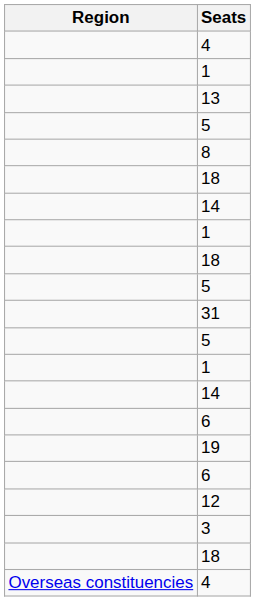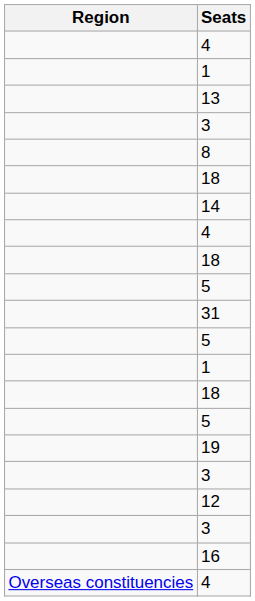 <table class="wikitable sortable" style="text-align:left">
 <tr>
 <th>Region</th>
 <th>Seats</th>
 </tr>
 <tr>
 <td></td>
 <td>4</td>
 </tr>
 <tr>
 <td></td>
 <td>1</td>
 </tr>
 <tr>
 <td></td>
 <td>13</td>
 </tr>
 <tr>
 <td></td>
-<td>5</td>
+<td>3</td>
 </tr>
 <tr>
 <td></td>
 <td>8</td>
 </tr>
 <tr>
 <td></td>
 <td>18</td>
 </tr>
 <tr>
 <td></td>
 <td>14</td>
 </tr>
 <tr>
 <td></td>
-<td>1</td>
+<td>4</td>
 </tr>
 <tr>
 <td></td>
 <td>18</td>
 </tr>
 <tr>
 <td></td>
 <td>5</td>
 </tr>
 <tr>
 <td></td>
 <td>31</td>
 </tr>
 <tr>
 <td></td>
 <td>5</td>
 </tr>
 <tr>
 <td></td>
 <td>1</td>
 </tr>
 <tr>
 <td></td>
-<td>14</td>
+<td>18</td>
 </tr>
 <tr>
 <td></td>
-<td>6</td>
+<td>5</td>
 </tr>
 <tr>
 <td></td>
 <td>19</td>
 </tr>
 <tr>
 <td></td>
-<td>6</td>
+<td>3</td>
 </tr>
 <tr>
 <td></td>
 <td>12</td>
 </tr>
 <tr>
 <td></td>
 <td>3</td>
 </tr>
 <tr>
 <td></td>
-<td>18</td>
+<td>16</td>
 </tr>
 <tr>
 <td><a href='#'>Overseas constituencies</a></td>
 <td>4</td>
 </tr>
 </table>
